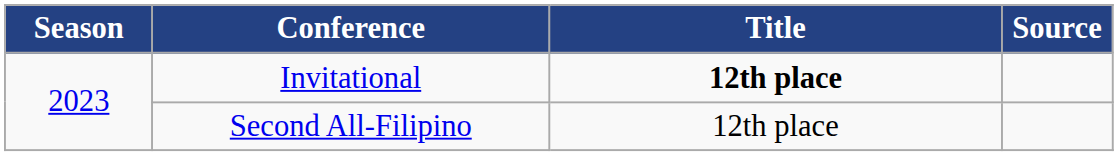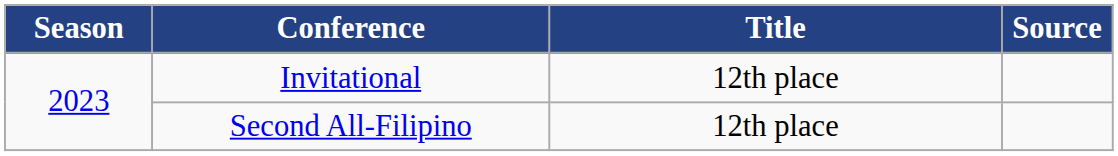 <table class="wikitable">
 <tr>
 <th width=70px style="background:#244183; color:white; text-align: center"><strong>Season</strong></th>
 <th width=200px style="background:#244183; color:white">Conference</th>
 <th width=230px style="background:#244183; color:white">Title</th>
 <th width=50px style="background:#244183; color:white">Source</th>
 </tr>
 <tr align=center>
 <td rowspan=2><a href='#'>2023</a></td>
 <td><a href='#'>Invitational</a></td>
-<td><strong>12th place</strong></td>
+<td>12th place</td>
 <td></td>
 </tr>
 <tr align=center>
 <td><a href='#'>Second All-Filipino</a></td>
 <td>12th place</td>
 <td></td>
 </tr>
 </table>
